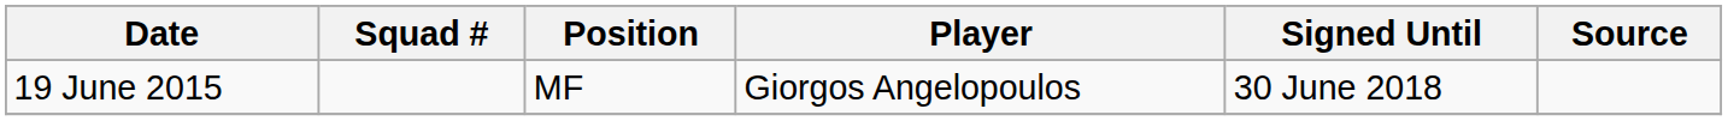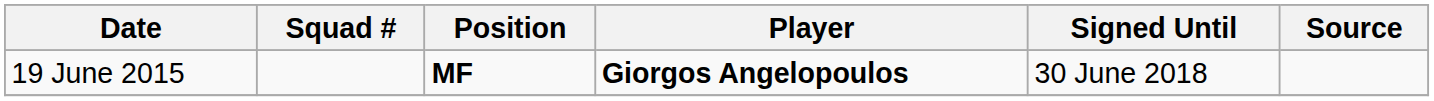 <table class="wikitable sortable" style="width:60%; text-align:center; font-size:95%; text-align:left;">
 <tr>
 <th><strong>Date</strong></th>
 <th><strong>Squad #</strong></th>
 <th><strong>Position</strong></th>
 <th><strong>Player</strong></th>
 <th><strong>Signed Until</strong></th>
 <th><strong>Source</strong></th>
 </tr>
 <tr>
 <td>19 June 2015</td>
 <td></td>
-<td>MF</td>
-<td> Giorgos Angelopoulos</td>
+<td><strong>MF</strong></td>
+<td><strong> Giorgos Angelopoulos</strong></td>
 <td>30 June 2018</td>
 <td></td>
 </tr>
 <tr>
 </tr>
 </table>
